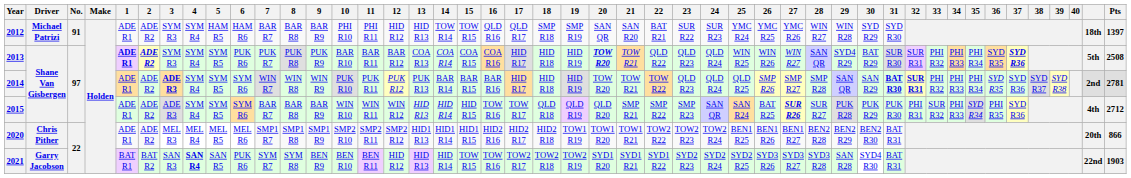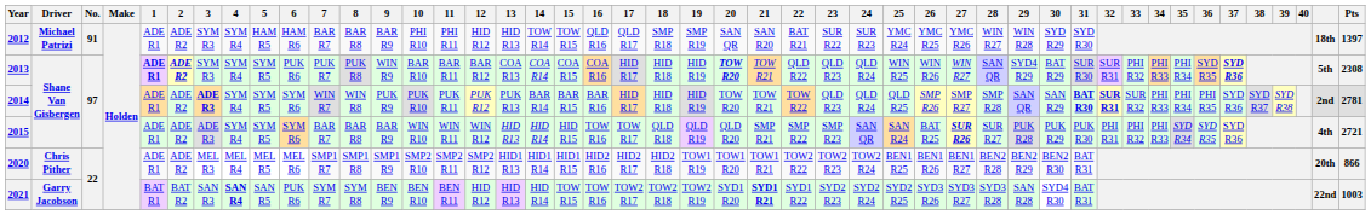 <table class="wikitable mw-collapsible mw-collapsed" style="text-align:center; font-size:75%">
 <tr>
 <th>Year</th>
 <th>Driver</th>
 <th>No.</th>
 <th>Make</th>
 <th>1</th>
 <th>2</th>
 <th>3</th>
 <th>4</th>
 <th>5</th>
 <th>6</th>
 <th>7</th>
 <th>8</th>
 <th>9</th>
 <th>10</th>
 <th>11</th>
 <th>12</th>
 <th>13</th>
 <th>14</th>
 <th>15</th>
 <th>16</th>
 <th>17</th>
 <th>18</th>
 <th>19</th>
 <th>20</th>
 <th>21</th>
 <th>22</th>
 <th>23</th>
 <th>24</th>
 <th>25</th>
 <th>26</th>
 <th>27</th>
 <th>28</th>
 <th>29</th>
 <th>30</th>
 <th>31</th>
 <th>32</th>
 <th>33</th>
 <th>34</th>
 <th>35</th>
 <th>36</th>
 <th>37</th>
 <th>38</th>
 <th>39</th>
 <th>40</th>
 <th></th>
 <th>Pts</th>
 </tr>
 <tr>
 <th><a href='#'>2012</a></th>
 <th><a href='#'>Michael Patrizi</a></th>
 <th>91</th>
 <th rowspan=6><a href='#'>Holden</a></th>
 <td style="background:#;"><a href='#'>ADE<br>R1</a><br></td>
 <td style="background:#;"><a href='#'>ADE<br>R2</a><br></td>
 <td style="background:#;"><a href='#'>SYM<br>R3</a><br></td>
 <td style="background:#;"><a href='#'>SYM<br>R4</a><br></td>
 <td style="background:#;"><a href='#'>HAM<br>R5</a><br></td>
 <td style="background:#;"><a href='#'>HAM<br>R6</a><br></td>
 <td style="background:#;"><a href='#'>BAR<br>R7</a><br></td>
 <td style="background:#;"><a href='#'>BAR<br>R8</a><br></td>
 <td style="background:#;"><a href='#'>BAR<br>R9</a><br></td>
 <td style="background:#;"><a href='#'>PHI<br>R10</a><br></td>
 <td style="background:#;"><a href='#'>PHI<br>R11</a><br></td>
 <td style="background:#;"><a href='#'>HID<br>R12</a><br></td>
 <td style="background:#;"><a href='#'>HID<br>R13</a><br></td>
 <td style="background:#;"><a href='#'>TOW<br>R14</a><br></td>
 <td style="background:#;"><a href='#'>TOW<br>R15</a><br></td>
 <td style="background:#;"><a href='#'>QLD<br>R16</a><br></td>
 <td style="background:#;"><a href='#'>QLD<br>R17</a><br></td>
 <td style="background:#;"><a href='#'>SMP<br>R18</a><br></td>
 <td style="background:#;"><a href='#'>SMP<br>R19</a><br></td>
 <td style="background:#;"><a href='#'>SAN<br>QR</a><br></td>
 <td style="background:#;"><a href='#'>SAN<br>R20</a><br></td>
 <td style="background:#;"><a href='#'>BAT<br>R21</a><br></td>
 <td style="background:#;"><a href='#'>SUR<br>R22</a><br></td>
 <td style="background:#;"><a href='#'>SUR<br>R23</a><br></td>
 <td style="background:#;"><a href='#'>YMC<br>R24</a><br></td>
 <td style="background:#;"><a href='#'>YMC<br>R25</a><br></td>
 <td style="background:#;"><a href='#'>YMC<br>R26</a><br></td>
 <td style="background:#;"><a href='#'>WIN<br>R27</a><br></td>
 <td style="background:#;"><a href='#'>WIN<br>R28</a><br></td>
 <td style="background:#;"><a href='#'>SYD<br>R29</a><br></td>
 <td style="background:#;"><a href='#'>SYD<br>R30</a><br></td>
 <th colspan=9></th>
 <th>18th</th>
 <th>1397</th>
 </tr>
 <tr>
 <th><a href='#'>2013</a></th>
 <th rowspan=3><a href='#'>Shane Van Gisbergen</a></th>
 <th rowspan=3>97</th>
 <td style="background: #efcfff"><strong><a href='#'>ADE<br>R1</a><br></strong></td>
 <td style="background: #ffffbf"><strong><em><a href='#'>ADE<br>R2</a><br></em></strong></td>
 <td style="background: #dfffdf"><a href='#'>SYM<br>R3</a><br></td>
 <td style="background: #dfffdf"><a href='#'>SYM<br>R4</a><br></td>
 <td style="background: #dfffdf"><a href='#'>SYM<br>R5</a><br></td>
 <td style="background: #dfffdf"><a href='#'>PUK<br>R6</a><br></td>
 <td style="background: #dfffdf"><a href='#'>PUK<br>R7</a><br></td>
 <td style="background: #dfdfdf"><a href='#'>PUK<br>R8</a><br></td>
-<td style="background: #dfffdf"><a href='#'>PUK<br>R9</a><br></td>
+<td style="background: #dfffdf"><a href='#'>WIN<br>R9</a><br></td>
 <td style="background: #dfffdf"><a href='#'>BAR<br>R10</a><br></td>
 <td style="background: #dfffdf"><a href='#'>BAR<br>R11</a><br></td>
 <td style="background: #dfffdf"><a href='#'>BAR<br>R12</a><br></td>
 <td style="background: #dfffdf"><a href='#'>COA<br>R13</a><br></td>
 <td style="background: #dfffdf"><em><a href='#'>COA<br>R14</a><br></em></td>
 <td style="background: #dfffdf"><a href='#'>COA<br>R15</a><br></td>
 <td style="background: #ffdf9f"><a href='#'>COA<br>R16</a><br></td>
 <td style="background: #dfdfdf"><a href='#'>HID<br>R17</a><br></td>
 <td style="background: #dfffdf"><a href='#'>HID<br>R18</a><br></td>
 <td style="background: #dfffdf"><a href='#'>HID<br>R19</a><br></td>
 <td style="background: #dfffdf"><strong><em><a href='#'>TOW<br>R20</a><br></em></strong></td>
 <td style="background: #ffdf9f"><em><a href='#'>TOW<br>R21</a><br></em></td>
 <td style="background: #dfffdf"><a href='#'>QLD<br>R22</a><br></td>
 <td style="background: #dfffdf"><a href='#'>QLD<br>R23</a><br></td>
 <td style="background: #dfffdf"><a href='#'>QLD<br>R24</a><br></td>
 <td style="background: #dfffdf"><a href='#'>WIN<br>R25</a><br></td>
 <td style="background: #dfffdf"><a href='#'>WIN<br>R26</a><br></td>
 <td style="background: #dfffdf"><em><a href='#'>WIN<br>R27</a><br></em></td>
 <td style="background: #cfcfff"><a href='#'>SAN<br>QR</a><br></td>
 <td style="background: #dfffdf"><a href='#'>SYD4<br>R29</a><br></td>
 <td style="background: #dfffdf"><a href='#'>BAT<br>R29</a><br></td>
 <td style="background: #dfdfdf"><a href='#'>SUR<br>R30</a><br></td>
 <td style="background: #efcfff"><a href='#'>SUR<br>R31</a><br></td>
 <td style="background: #dfffdf"><a href='#'>PHI<br>R32</a><br></td>
 <td style="background: #ffdf9f"><a href='#'>PHI<br>R33</a><br></td>
 <td style="background: #dfffdf"><a href='#'>PHI<br>R34</a><br></td>
 <td style="background: #ffdf9f"><a href='#'>SYD<br>R35</a><br></td>
 <td style="background: #ffffbf"><strong><em><a href='#'>SYD<br>R36</a><br></em></strong></td>
 <th colspan=3></th>
 <th>5th</th>
-<th>2508</th>
+<th>2308</th>
 </tr>
 <tr>
 <th><a href='#'>2014</a></th>
 <td style="background: #ffdf9f"><a href='#'>ADE<br>R1</a><br></td>
 <td style="background: #dfffdf"><a href='#'>ADE<br>R2</a><br></td>
 <td style="background: #ffdf9f"><strong><a href='#'>ADE<br>R3</a><br></strong></td>
 <td style="background: #dfffdf"><a href='#'>SYM<br>R4</a><br></td>
 <td style="background: #dfffdf"><a href='#'>SYM<br>R5</a><br></td>
 <td style="background: #dfffdf"><a href='#'>SYM<br>R6</a><br></td>
 <td style="background: #dfdfdf"><a href='#'>WIN<br>R7</a><br></td>
 <td style="background: #dfffdf"><a href='#'>WIN<br>R8</a><br></td>
-<td style="background: #dfffdf"><a href='#'>WIN<br>R9</a><br></td>
+<td style="background: #dfffdf"><a href='#'>PUK<br>R9</a><br></td>
 <td style="background: #dfdfdf"><a href='#'>PUK<br>R10</a><br></td>
 <td style="background: #dfffdf"><a href='#'>PUK<br>R11</a><br></td>
 <td style="background: #ffffbf"><em><a href='#'>PUK<br>R12</a><br></em></td>
 <td style="background: #dfffdf"><a href='#'>PUK<br>R13</a><br></td>
 <td style="background: #dfffdf"><a href='#'>BAR<br>R14</a><br></td>
 <td style="background: #dfffdf"><a href='#'>BAR<br>R15</a><br></td>
 <td style="background: #dfffdf"><a href='#'>BAR<br>R16</a><br></td>
 <td style="background: #ffdf9f"><a href='#'>HID<br>R17</a><br></td>
 <td style="background: #dfffdf"><a href='#'>HID<br>R18</a><br></td>
 <td style="background: #dfdfdf"><a href='#'>HID<br>R19</a><br></td>
 <td style="background: #dfffdf"><a href='#'>TOW<br>R20</a><br></td>
 <td style="background: #dfffdf"><a href='#'>TOW<br>R21</a><br></td>
 <td style="background: #ffdf9f"><a href='#'>TOW<br>R22</a><br></td>
 <td style="background: #dfffdf"><a href='#'>QLD<br>R23</a><br></td>
 <td style="background: #dfffdf"><a href='#'>QLD<br>R24</a><br></td>
 <td style="background: #dfffdf"><a href='#'>QLD<br>R25</a><br></td>
 <td style="background: #ffffbf"><em><a href='#'>SMP<br>R26</a><br></em></td>
 <td style="background: #ffffbf"><a href='#'>SMP<br>R27</a><br></td>
 <td style="background: #dfffdf"><a href='#'>SMP<br>R28</a><br></td>
 <td style="background: #cfcfff"><a href='#'>SAN<br>QR</a><br></td>
 <td style="background: #dfffdf"><a href='#'>SAN<br>R29</a><br></td>
 <td style="background: #dfffdf"><strong><a href='#'>BAT<br>R30</a><br></strong></td>
 <td style="background: #ffffbf"><strong><a href='#'>SUR<br>R31</a><br></strong></td>
-<td style="background: #dfffdf"><a href='#'>PHI<br>R32</a><br></td>
+<td style="background: #dfffdf"><a href='#'>SUR<br>R32</a><br></td>
 <td style="background: #dfffdf"><a href='#'>PHI<br>R33</a><br></td>
 <td style="background: #dfffdf"><a href='#'>PHI<br>R34</a><br></td>
-<td style="background: #dfffdf"><em><a href='#'>SYD<br>R35</a><br></em></td>
+<td style="background: #dfffdf"><a href='#'>PHI<br>R35</a><br></td>
 <td style="background: #dfffdf"><a href='#'>SYD<br>R36</a><br></td>
 <td style="background: #dfdfdf"><a href='#'>SYD<br>R37</a><br></td>
 <td style="background: #ffffbf"><em><a href='#'>SYD<br>R38</a><br></em></td>
 <th colspan=1></th>
 <th style="background: #dfdfdf">2nd</th>
 <th style="background: #dfdfdf">2781</th>
 </tr>
 <tr>
 <th><a href='#'>2015</a></th>
 <td style="background: #dfffdf"><a href='#'>ADE<br>R1</a><br></td>
 <td style="background: #dfffdf"><a href='#'>ADE<br>R2</a><br></td>
 <td style="background: #dfdfdf"><a href='#'>ADE<br>R3</a><br></td>
 <td style="background: #dfffdf"><a href='#'>SYM<br>R4</a><br></td>
 <td style="background: #dfffdf"><a href='#'>SYM<br>R5</a><br></td>
 <td style="background: #ffdf9f"><a href='#'>SYM<br>R6</a><br></td>
 <td style="background: #dfffdf"><a href='#'>BAR<br>R7</a><br></td>
 <td style="background: #dfffdf"><a href='#'>BAR<br>R8</a><br></td>
 <td style="background: #dfffdf"><a href='#'>BAR<br>R9</a><br></td>
 <td style="background: #dfffdf"><a href='#'>WIN<br>R10</a><br></td>
 <td style="background: #dfffdf"><a href='#'>WIN<br>R11</a><br></td>
 <td style="background: #dfffdf"><a href='#'>WIN<br>R12</a><br></td>
 <td style="background: #dfffdf"><em><a href='#'>HID<br>R13</a><br></em></td>
 <td style="background: #dfffdf"><em><a href='#'>HID<br>R14</a><br></em></td>
 <td style="background: #dfffdf"><a href='#'>HID<br>R15</a><br></td>
 <td style="background: #dfffdf"><a href='#'>TOW<br>R16</a><br></td>
 <td style="background: #dfffdf"><a href='#'>TOW<br>R17</a><br></td>
 <td style="background: #dfffdf"><a href='#'>QLD<br>R18</a><br></td>
 <td style="background: #efcfff"><a href='#'>QLD<br>R19</a><br></td>
 <td style="background: #dfffdf"><a href='#'>QLD<br>R20</a><br></td>
 <td style="background: #dfffdf"><a href='#'>SMP<br>R21</a><br></td>
 <td style="background: #dfffdf"><a href='#'>SMP<br>R22</a><br></td>
 <td style="background: #dfffdf"><a href='#'>SMP<br>R23</a><br></td>
 <td style="background: #cfcfff"><a href='#'>SAN<br>QR</a><br></td>
 <td style="background: #ffdf9f"><a href='#'>SAN<br>R24</a><br></td>
 <td style="background: #dfffdf"><a href='#'>BAT<br>R25</a><br></td>
 <td style="background: #ffffbf"><strong><em><a href='#'>SUR<br>R26</a><br></em></strong></td>
 <td style="background: #dfffdf"><a href='#'>SUR<br>R27</a><br></td>
 <td style="background: #dfdfdf"><a href='#'>PUK<br>R28</a><br></td>
 <td style="background: #dfffdf"><a href='#'>PUK<br>R29</a><br></td>
 <td style="background: #dfffdf"><a href='#'>PUK<br>R30</a><br></td>
 <td style="background: #dfffdf"><a href='#'>PHI<br>R31</a><br></td>
-<td style="background: #dfffdf"><a href='#'>SUR<br>R32</a><br></td>
+<td style="background: #dfffdf"><a href='#'>PHI<br>R32</a><br></td>
 <td style="background: #dfffdf"><a href='#'>PHI<br>R33</a><br></td>
 <td style="background: #dfdfdf"><em><a href='#'>SYD<br>R34</a><br></em></td>
-<td style="background: #dfffdf"><a href='#'>PHI<br>R35</a><br></td>
+<td style="background: #dfffdf"><em><a href='#'>SYD<br>R35</a><br></em></td>
 <td style="background: #ffffbf"><a href='#'>SYD<br>R36</a><br></td>
 <th colspan=3></th>
 <th>4th</th>
-<th>2712</th>
+<th>2721</th>
 </tr>
 <tr>
 <th><a href='#'>2020</a></th>
 <th><a href='#'>Chris Pither</a></th>
 <th rowspan=2>22</th>
 <td style="background: #"><a href='#'>ADE<br>R1</a><br></td>
 <td style="background: #"><a href='#'>ADE<br>R2</a><br></td>
 <td style="background: #ffffff"><a href='#'>MEL<br>R3</a><br></td>
 <td style="background: #ffffff"><a href='#'>MEL<br>R4</a><br></td>
 <td style="background: #ffffff"><a href='#'>MEL<br>R5</a><br></td>
 <td style="background: #ffffff"><a href='#'>MEL<br>R6</a><br></td>
 <td style="background: #"><a href='#'>SMP1<br>R7</a><br></td>
 <td style="background: #"><a href='#'>SMP1<br>R8</a><br></td>
 <td style="background: #"><a href='#'>SMP1<br>R9</a><br></td>
 <td style="background: #"><a href='#'>SMP2<br>R10</a><br></td>
 <td style="background: #"><a href='#'>SMP2<br>R11</a><br></td>
 <td style="background: #"><a href='#'>SMP2<br>R12</a><br></td>
 <td style="background: #"><a href='#'>HID1<br>R13</a><br></td>
 <td style="background: #"><a href='#'>HID1<br>R14</a><br></td>
 <td style="background: #"><a href='#'>HID1<br>R15</a><br></td>
 <td style="background: #"><a href='#'>HID2<br>R16</a><br></td>
 <td style="background: #"><a href='#'>HID2<br>R17</a><br></td>
 <td style="background: #"><a href='#'>HID2<br>R18</a><br></td>
 <td style="background: #"><a href='#'>TOW1<br>R19</a><br></td>
 <td style="background: #"><a href='#'>TOW1<br>R20</a><br></td>
 <td style="background: #"><a href='#'>TOW1<br>R21</a><br></td>
 <td style="background: #"><a href='#'>TOW2<br>R22</a><br></td>
 <td style="background: #"><a href='#'>TOW2<br>R23</a><br></td>
 <td style="background: #"><a href='#'>TOW2<br>R24</a><br></td>
 <td style="background: #"><a href='#'>BEN1<br>R25</a><br></td>
 <td style="background: #"><a href='#'>BEN1<br>R26</a><br></td>
 <td style="background: #"><a href='#'>BEN1<br>R27</a><br></td>
 <td style="background: #"><a href='#'>BEN2<br>R28</a><br></td>
 <td style="background: #"><a href='#'>BEN2<br>R29</a><br></td>
 <td style="background: #"><a href='#'>BEN2<br>R30</a><br></td>
 <td style="background: #"><a href='#'>BAT<br>R31</a><br></td>
 <th colspan=9></th>
 <th>20th</th>
 <th>866</th>
 </tr>
 <tr>
 <th><a href='#'>2021</a></th>
 <th><a href='#'>Garry Jacobson</a></th>
 <td style="background: #efcfff"><a href='#'>BAT<br>R1</a><br></td>
 <td style="background: #dfffdf"><a href='#'>BAT<br>R2</a><br></td>
 <td style="background: #dfffdf"><a href='#'>SAN<br>R3</a><br></td>
 <td style="background: #dfffdf"><strong><a href='#'>SAN<br>R4</a><br></strong></td>
 <td style="background: #dfffdf"><a href='#'>SAN<br>R5</a><br></td>
 <td style="background: #dfffdf"><a href='#'>PUK<br>R6</a><br></td>
 <td style="background: #dfffdf"><a href='#'>SYM<br>R7</a><br></td>
 <td style="background: #dfffdf"><a href='#'>SYM<br>R8</a><br></td>
 <td style="background: #dfffdf"><a href='#'>BEN<br>R9</a><br></td>
 <td style="background: #dfffdf"><a href='#'>BEN<br>R10</a><br></td>
 <td style="background: #efcfff"><a href='#'>BEN<br>R11</a><br></td>
 <td style="background: #dfffdf"><a href='#'>HID<br>R12</a><br></td>
 <td style="background: #efcfff"><a href='#'>HID<br>R13</a><br></td>
 <td style="background: #dfffdf"><a href='#'>HID<br>R14</a><br></td>
 <td style="background: #dfffdf"><a href='#'>TOW<br>R15</a><br></td>
 <td style="background: #dfffdf"><a href='#'>TOW<br>R16</a><br></td>
 <td style="background: #dfffdf"><a href='#'>TOW2<br>R17</a><br></td>
 <td style="background: #dfffdf"><a href='#'>TOW2<br>R18</a><br></td>
 <td style="background: #dfffdf"><a href='#'>TOW2<br>R19</a><br></td>
 <td style="background: #dfffdf"><a href='#'>SYD1<br>R20</a><br></td>
-<td style="background: #dfffdf"><a href='#'>SYD1<br>R21</a><br></td>
+<td style="background: #dfffdf"><strong><a href='#'>SYD1<br>R21</a><br></strong></td>
 <td style="background: #dfffdf"><a href='#'>SYD1<br>R22</a><br></td>
 <td style="background: #dfffdf"><a href='#'>SYD2<br>R23</a><br></td>
 <td style="background: #dfffdf"><a href='#'>SYD2<br>R24</a><br></td>
 <td style="background: #dfffdf"><a href='#'>SYD2<br>R25</a><br></td>
 <td style="background: #dfffdf"><a href='#'>SYD3<br>R26</a><br></td>
 <td style="background: #dfffdf"><a href='#'>SYD3<br>R27</a><br></td>
 <td style="background: #dfffdf"><a href='#'>SYD3<br>R28</a><br></td>
 <td style="background: #dfffdf"><a href='#'>SAN<br>R28</a><br></td>
 <td style="background: #ffffff"><a href='#'>SYD4<br>R30</a><br></td>
 <td style="background: #dfffdf"><a href='#'>BAT<br>R31</a><br></td>
 <th colspan=9></th>
 <th>22nd</th>
-<th>1903</th>
+<th>1003</th>
 </tr>
 </table>
